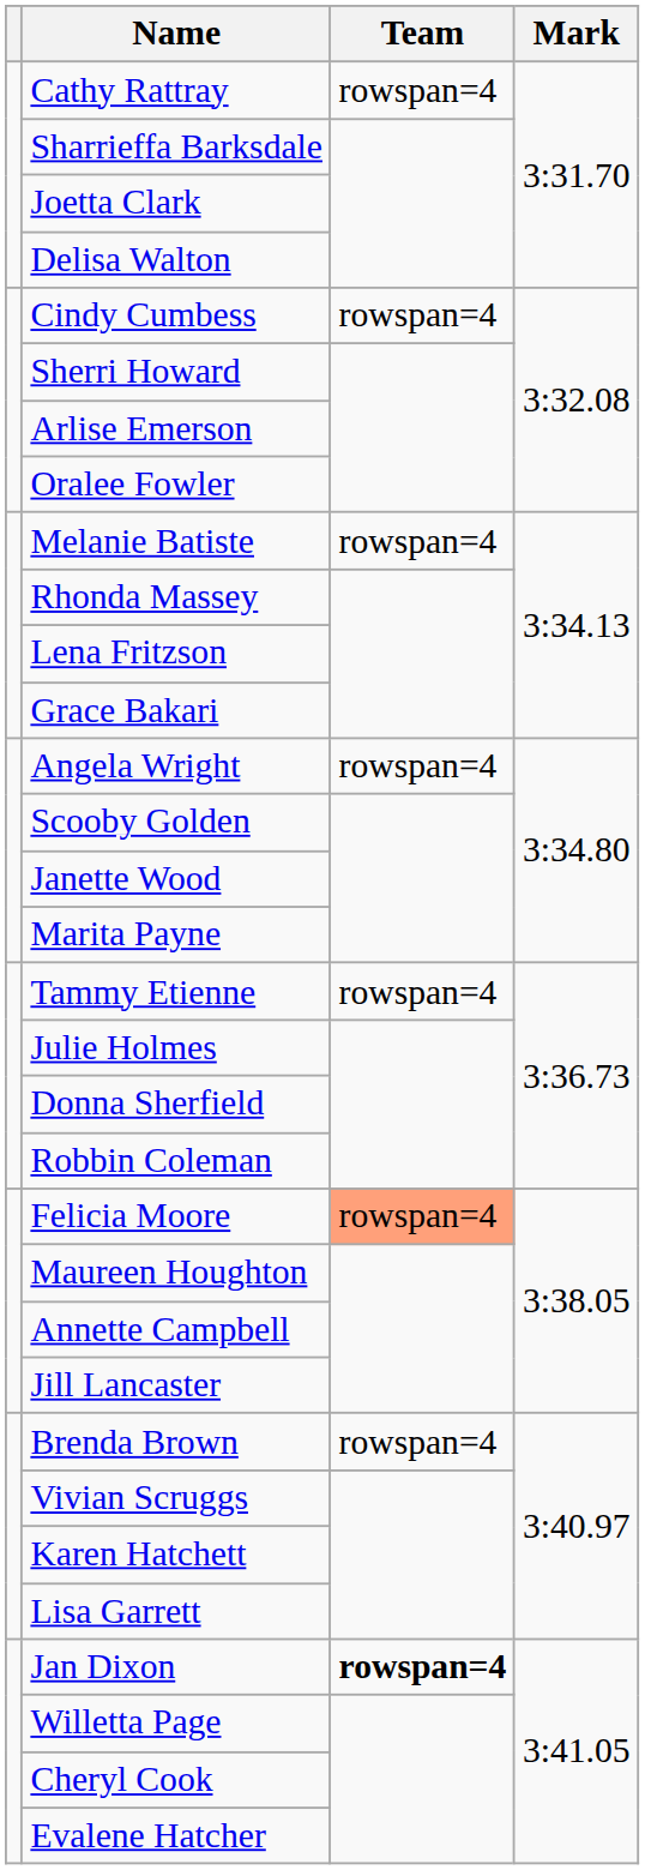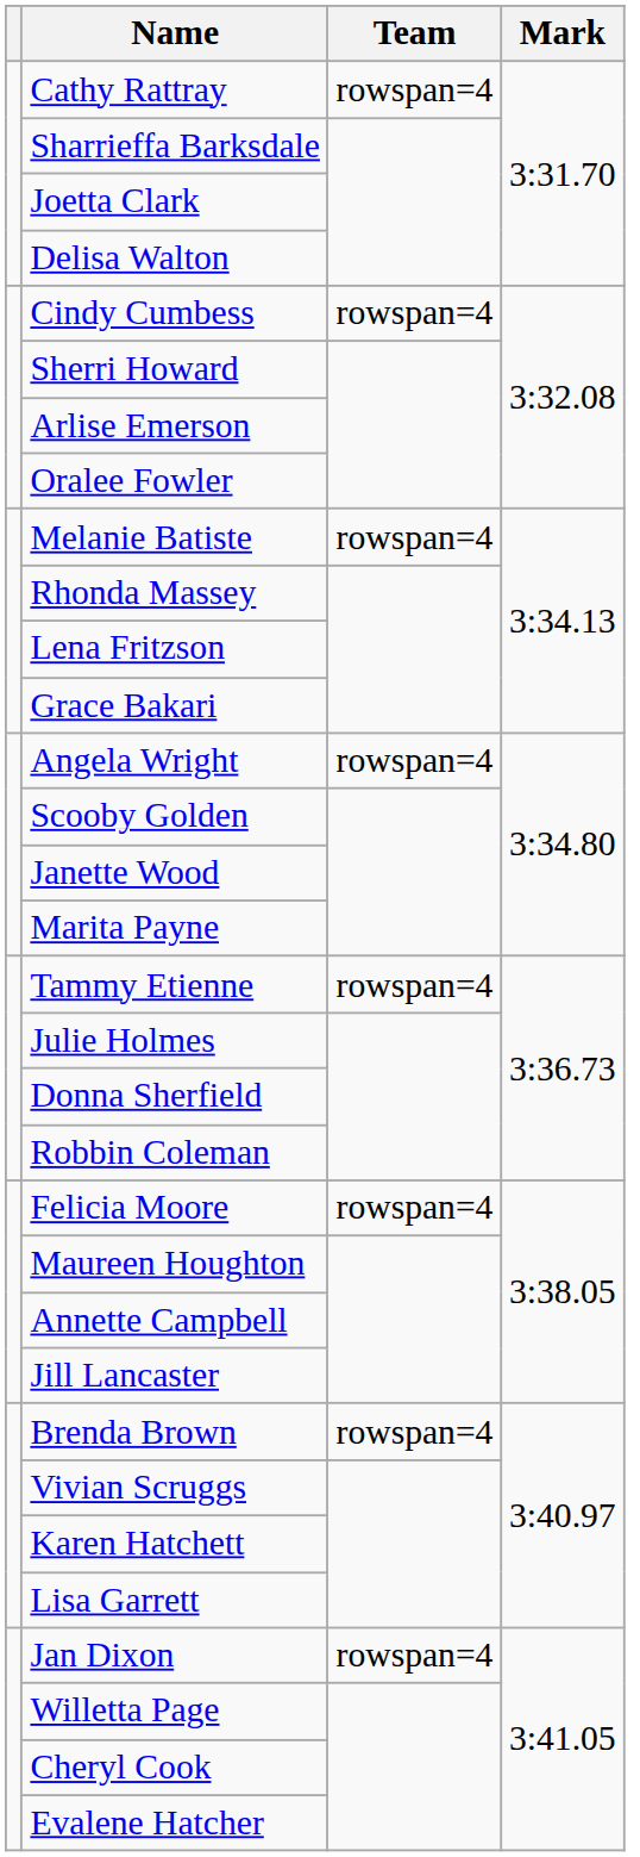 <table class=wikitable>
 <tr>
 <th></th>
 <th>Name</th>
 <th>Team</th>
 <th>Mark</th>
 </tr>
 <tr>
 <td rowspan=4></td>
 <td><a href='#'>Cathy Rattray</a></td>
 <td>rowspan=4 </td>
 <td rowspan=4>3:31.70</td>
 </tr>
 <tr>
 <td><a href='#'>Sharrieffa Barksdale</a></td>
 </tr>
 <tr>
 <td><a href='#'>Joetta Clark</a></td>
 </tr>
 <tr>
 <td><a href='#'>Delisa Walton</a></td>
 </tr>
 <tr>
 <td rowspan=4></td>
 <td><a href='#'>Cindy Cumbess</a></td>
 <td>rowspan=4 </td>
 <td rowspan=4>3:32.08</td>
 </tr>
 <tr>
 <td><a href='#'>Sherri Howard</a></td>
 </tr>
 <tr>
 <td><a href='#'>Arlise Emerson</a></td>
 </tr>
 <tr>
 <td><a href='#'>Oralee Fowler</a></td>
 </tr>
 <tr>
 <td rowspan=4></td>
 <td><a href='#'>Melanie Batiste</a></td>
 <td>rowspan=4 </td>
 <td rowspan=4>3:34.13</td>
 </tr>
 <tr>
 <td><a href='#'>Rhonda Massey</a></td>
 </tr>
 <tr>
 <td><a href='#'>Lena Fritzson</a></td>
 </tr>
 <tr>
 <td><a href='#'>Grace Bakari</a></td>
 </tr>
 <tr>
 <td rowspan=4></td>
 <td><a href='#'>Angela Wright</a></td>
 <td>rowspan=4 </td>
 <td rowspan=4>3:34.80</td>
 </tr>
 <tr>
 <td><a href='#'>Scooby Golden</a></td>
 </tr>
 <tr>
 <td><a href='#'>Janette Wood</a></td>
 </tr>
 <tr>
 <td><a href='#'>Marita Payne</a></td>
 </tr>
 <tr>
 <td rowspan=4></td>
 <td><a href='#'>Tammy Etienne</a></td>
 <td>rowspan=4 </td>
 <td rowspan=4>3:36.73</td>
 </tr>
 <tr>
 <td><a href='#'>Julie Holmes</a></td>
 </tr>
 <tr>
 <td><a href='#'>Donna Sherfield</a></td>
 </tr>
 <tr>
 <td><a href='#'>Robbin Coleman</a></td>
 </tr>
 <tr>
 <td rowspan=4></td>
 <td><a href='#'>Felicia Moore</a></td>
-<td style="background: lightsalmon;">rowspan=4 </td>
+<td>rowspan=4 </td>
 <td rowspan=4>3:38.05</td>
 </tr>
 <tr>
 <td><a href='#'>Maureen Houghton</a></td>
 </tr>
 <tr>
 <td><a href='#'>Annette Campbell</a></td>
 </tr>
 <tr>
 <td><a href='#'>Jill Lancaster</a></td>
 </tr>
 <tr>
 <td rowspan=4></td>
 <td><a href='#'>Brenda Brown</a></td>
 <td>rowspan=4 </td>
 <td rowspan=4>3:40.97</td>
 </tr>
 <tr>
 <td><a href='#'>Vivian Scruggs</a></td>
 </tr>
 <tr>
 <td><a href='#'>Karen Hatchett</a></td>
 </tr>
 <tr>
 <td><a href='#'>Lisa Garrett</a></td>
 </tr>
 <tr>
 <td rowspan=4></td>
 <td><a href='#'>Jan Dixon</a></td>
-<td><strong>rowspan=4 </strong></td>
+<td>rowspan=4 </td>
 <td rowspan=4>3:41.05</td>
 </tr>
 <tr>
 <td><a href='#'>Willetta Page</a></td>
 </tr>
 <tr>
 <td><a href='#'>Cheryl Cook</a></td>
 </tr>
 <tr>
 <td><a href='#'>Evalene Hatcher</a></td>
 </tr>
 </table>
